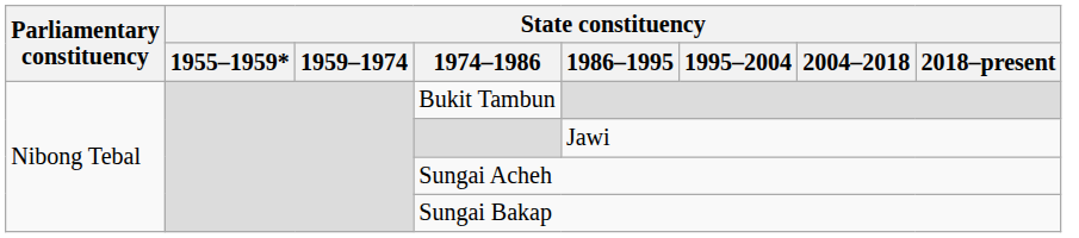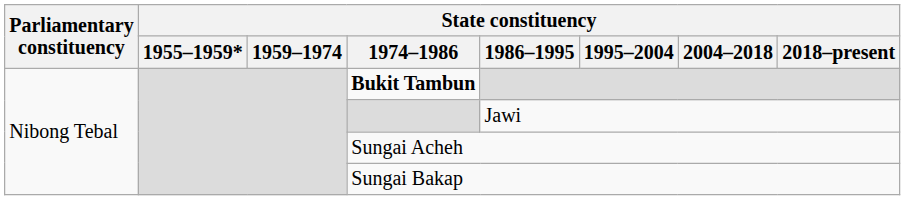 <table class="wikitable">
 <tr>
 <th rowspan="2">Parliamentary<br>constituency</th>
 <th colspan="7">State constituency</th>
 </tr>
 <tr>
 <th>1955–1959*</th>
 <th>1959–1974</th>
 <th>1974–1986</th>
 <th>1986–1995</th>
 <th>1995–2004</th>
 <th>2004–2018</th>
 <th>2018–present</th>
 </tr>
 <tr>
 <td rowspan="4">Nibong Tebal</td>
 <td colspan="2" rowspan="4" bgcolor="dcdcdc"></td>
-<td>Bukit Tambun</td>
+<td><strong>Bukit Tambun</strong></td>
 <td colspan="4" bgcolor="dcdcdc"></td>
 </tr>
 <tr>
 <td bgcolor="dcdcdc"></td>
 <td colspan="4">Jawi</td>
 </tr>
 <tr>
 <td colspan="5">Sungai Acheh</td>
 </tr>
 <tr>
 <td colspan="5">Sungai Bakap</td>
 </tr>
 </table>
